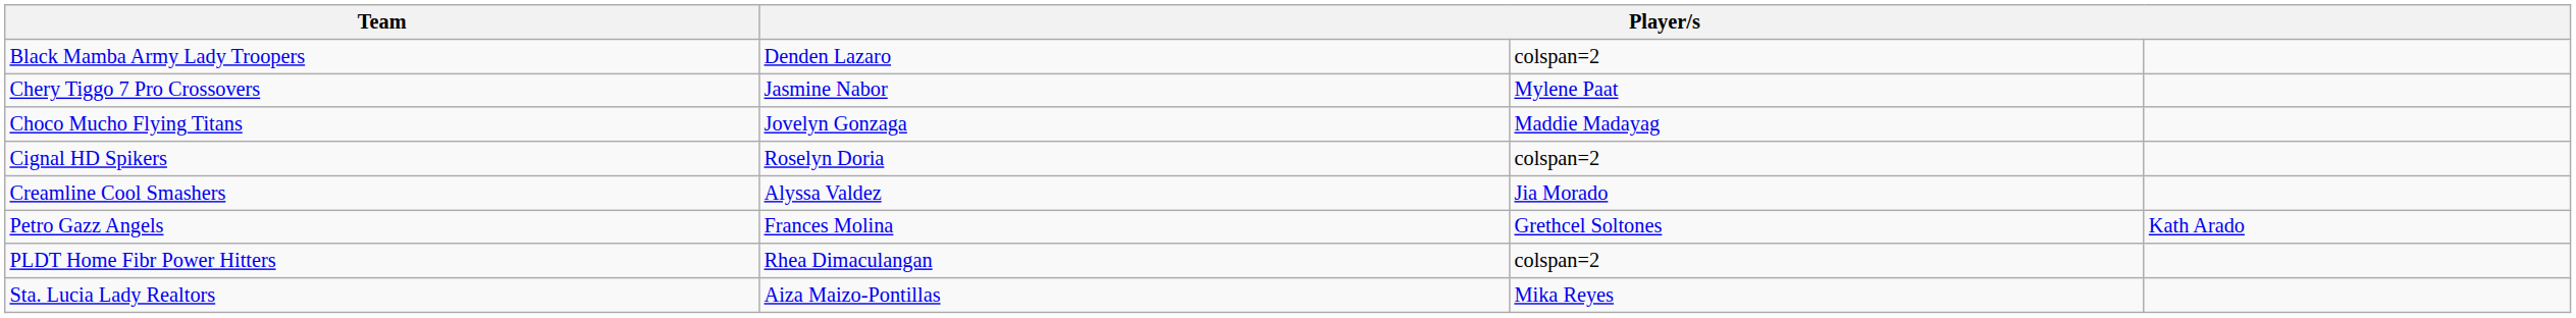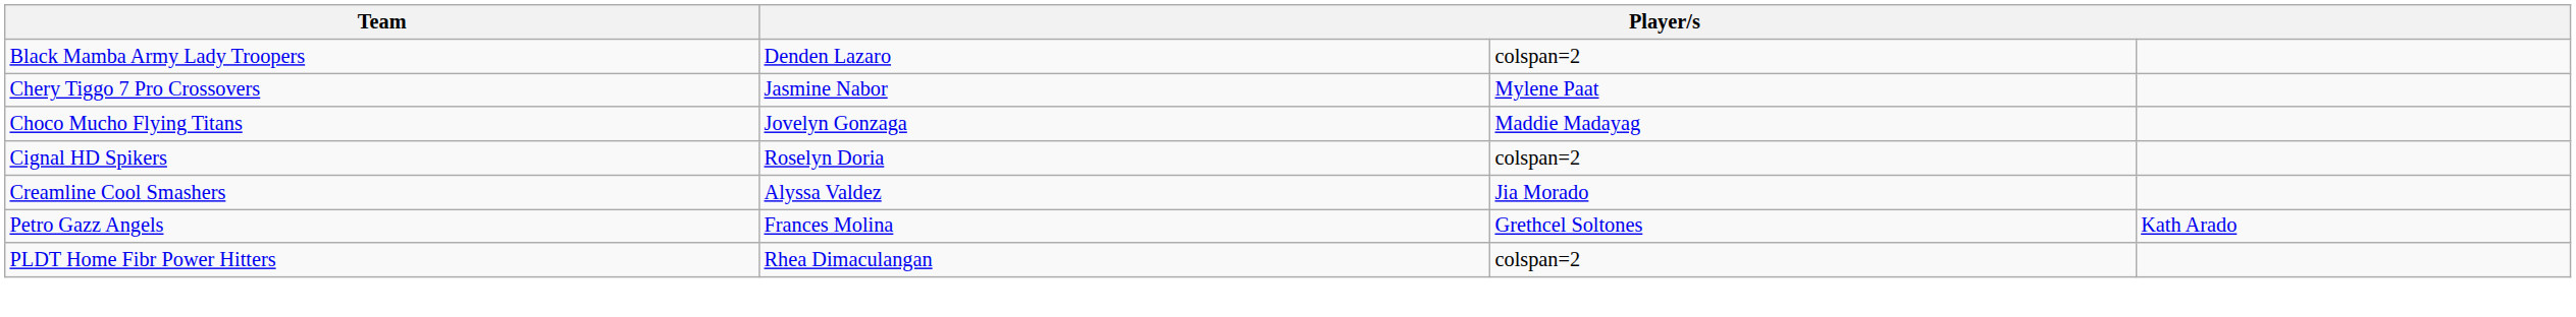 <table class="wikitable sortable" style="width:90%; font-size:90%; text-align:left">
 <tr>
 <th width=25%>Team</th>
 <th colspan=3 width=60%>Player/s</th>
 </tr>
 <tr>
 <td><a href='#'>Black Mamba Army Lady Troopers</a></td>
 <td><a href='#'>Denden Lazaro</a></td>
 <td>colspan=2</td>
 </tr>
 <tr>
 <td><a href='#'>Chery Tiggo 7 Pro Crossovers</a></td>
 <td><a href='#'>Jasmine Nabor</a></td>
 <td><a href='#'>Mylene Paat</a></td>
 <td></td>
 </tr>
 <tr>
 <td><a href='#'>Choco Mucho Flying Titans</a></td>
 <td><a href='#'>Jovelyn Gonzaga</a></td>
 <td><a href='#'>Maddie Madayag</a></td>
 <td></td>
 </tr>
 <tr>
 <td><a href='#'>Cignal HD Spikers</a></td>
 <td><a href='#'>Roselyn Doria</a></td>
 <td>colspan=2</td>
 </tr>
 <tr>
 <td><a href='#'>Creamline Cool Smashers</a></td>
 <td><a href='#'>Alyssa Valdez</a></td>
 <td><a href='#'>Jia Morado</a></td>
 <td></td>
 </tr>
 <tr>
 <td><a href='#'>Petro Gazz Angels</a></td>
 <td><a href='#'>Frances Molina</a></td>
 <td><a href='#'>Grethcel Soltones</a></td>
 <td><a href='#'>Kath Arado</a></td>
 </tr>
 <tr>
 <td><a href='#'>PLDT Home Fibr Power Hitters</a></td>
 <td><a href='#'>Rhea Dimaculangan</a></td>
 <td>colspan=2</td>
 </tr>
-<tr>
-<td><a href='#'>Sta. Lucia Lady Realtors</a></td>
-<td><a href='#'>Aiza Maizo-Pontillas</a></td>
-<td><a href='#'>Mika Reyes</a></td>
-<td></td>
-</tr>
 </table>
